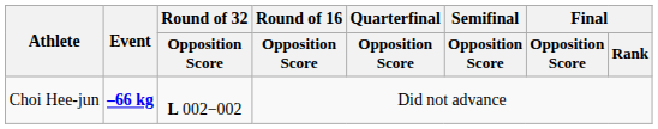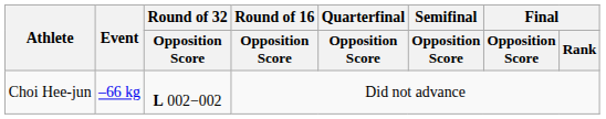 <table class=wikitable style=font-size:90%;text-align:center>
 <tr>
 <th rowspan=2>Athlete</th>
 <th rowspan=2>Event</th>
 <th>Round of 32</th>
 <th>Round of 16</th>
 <th>Quarterfinal</th>
 <th>Semifinal</th>
 <th colspan=2>Final</th>
 </tr>
 <tr style=font-size:95%>
 <th>Opposition<br>Score</th>
 <th>Opposition<br>Score</th>
 <th>Opposition<br>Score</th>
 <th>Opposition<br>Score</th>
 <th>Opposition<br>Score</th>
 <th>Rank</th>
 </tr>
 <tr>
 <td align=left>Choi Hee-jun</td>
-<td align=left><strong><a href='#'>–66 kg</a></strong></td>
+<td align=left><a href='#'>–66 kg</a></td>
 <td><br><strong>L</strong> 002−002</td>
 <td colspan=5>Did not advance</td>
 </tr>
 </table>
